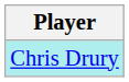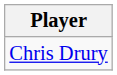 <table class="wikitable">
 <tr>
 <th>Player</th>
 </tr>
 <tr>
-<td style="background: paleturquoise;"><a href='#'>Chris Drury</a></td>
+<td><a href='#'>Chris Drury</a></td>
 </tr>
 </table>
